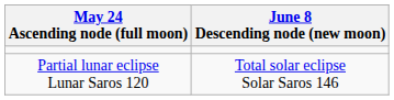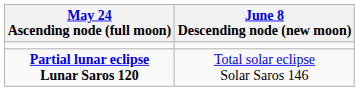 <table class="wikitable">
 <tr>
 <th><a href='#'>May 24</a><br>Ascending node (full moon)</th>
 <th><a href='#'>June 8</a><br>Descending node (new moon)<br></th>
 </tr>
 <tr>
 <td></td>
 <td></td>
 </tr>
 <tr align=center>
-<td><a href='#'>Partial lunar eclipse</a><br>Lunar Saros 120</td>
+<td><strong><a href='#'>Partial lunar eclipse</a><br>Lunar Saros 120</strong></td>
 <td><a href='#'>Total solar eclipse</a><br>Solar Saros 146</td>
 </tr>
 </table>
